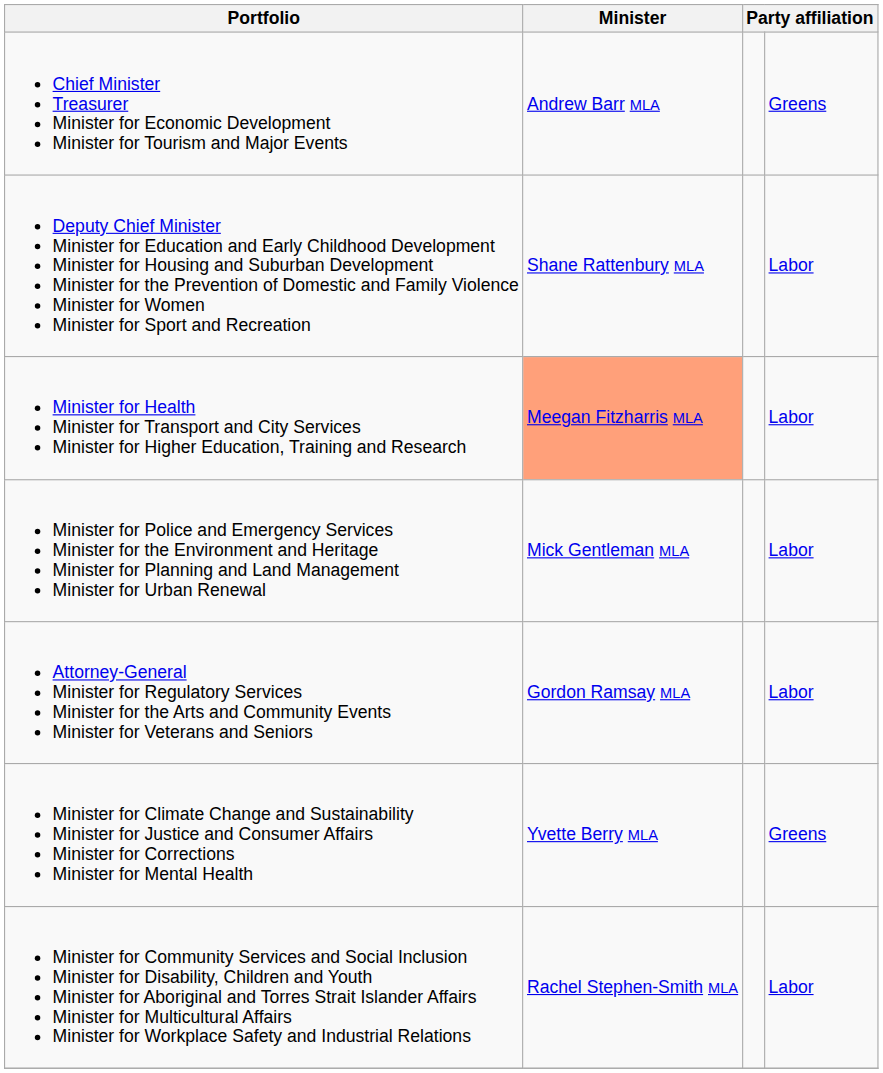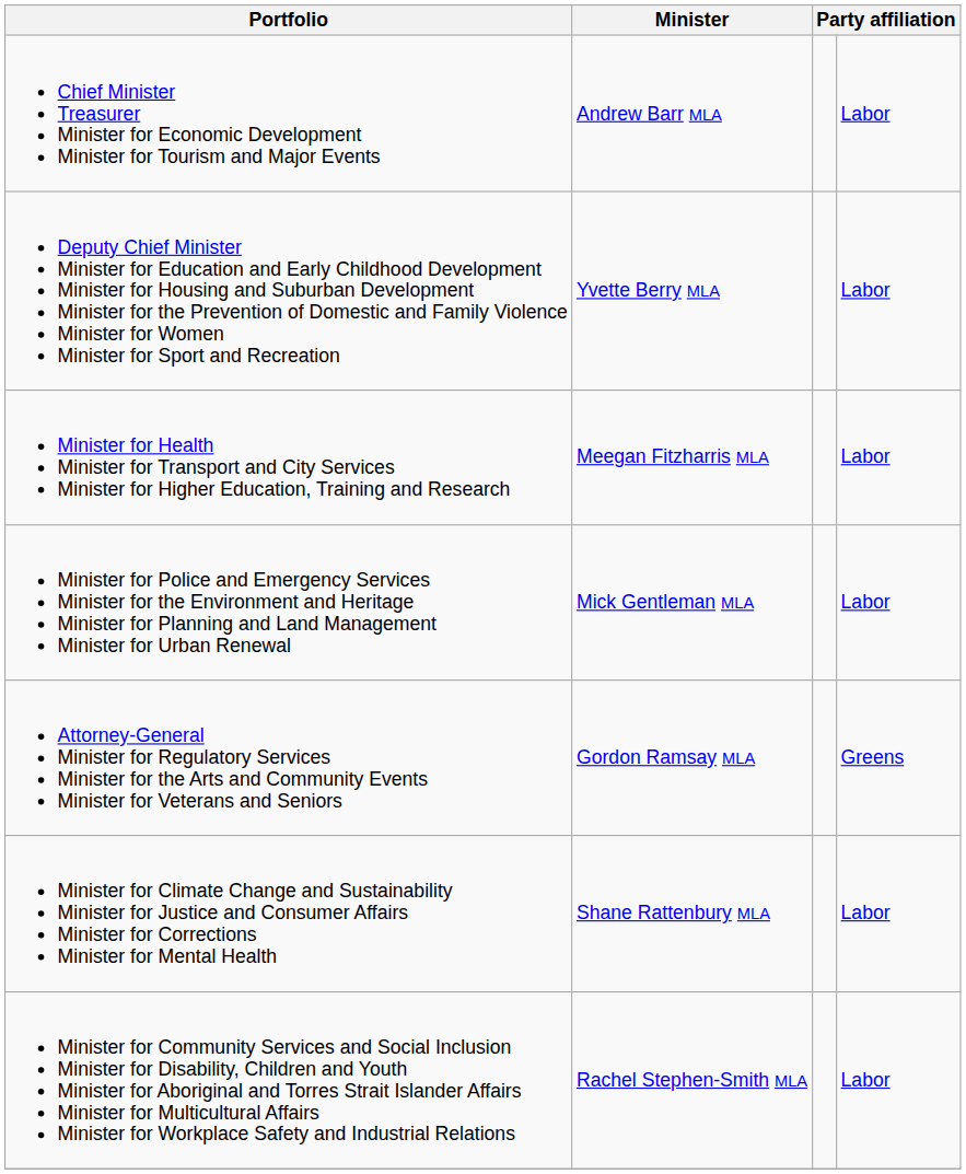 <table class="wikitable">
 <tr>
 <th>Portfolio</th>
 <th>Minister</th>
 <th colspan=2>Party affiliation</th>
 </tr>
 <tr>
 <td><br><ul><li><a href='#'>Chief Minister</a></li><li><a href='#'>Treasurer</a></li><li>Minister for Economic Development</li><li>Minister for Tourism and Major Events</li></ul></td>
 <td><a href='#'>Andrew Barr</a> <small><a href='#'>MLA</a></small></td>
 <td> </td>
-<td><a href='#'>Greens</a></td>
+<td><a href='#'>Labor</a></td>
 </tr>
 <tr>
 <td><br><ul><li><a href='#'>Deputy Chief Minister</a></li><li>Minister for Education and Early Childhood Development</li><li>Minister for Housing and Suburban Development</li><li>Minister for the Prevention of Domestic and Family Violence</li><li>Minister for Women</li><li>Minister for Sport and Recreation</li></ul></td>
-<td><a href='#'>Shane Rattenbury</a> <small><a href='#'>MLA</a></small></td>
+<td><a href='#'>Yvette Berry</a> <small><a href='#'>MLA</a></small></td>
 <td> </td>
 <td><a href='#'>Labor</a></td>
 </tr>
 <tr>
 <td><br><ul><li><a href='#'>Minister for Health</a></li><li>Minister for Transport and City Services</li><li>Minister for Higher Education, Training and Research</li></ul></td>
-<td style="background: lightsalmon;"><a href='#'>Meegan Fitzharris</a> <small><a href='#'>MLA</a></small></td>
+<td><a href='#'>Meegan Fitzharris</a> <small><a href='#'>MLA</a></small></td>
 <td> </td>
 <td><a href='#'>Labor</a></td>
 </tr>
 <tr>
 <td><br><ul><li>Minister for Police and Emergency Services</li><li>Minister for the Environment and Heritage</li><li>Minister for Planning and Land Management</li><li>Minister for Urban Renewal</li></ul></td>
 <td><a href='#'>Mick Gentleman</a> <small><a href='#'>MLA</a></small></td>
 <td> </td>
 <td><a href='#'>Labor</a></td>
 </tr>
 <tr>
 <td><br><ul><li><a href='#'>Attorney-General</a></li><li>Minister for Regulatory Services</li><li>Minister for the Arts and Community Events</li><li>Minister for Veterans and Seniors</li></ul></td>
 <td><a href='#'>Gordon Ramsay</a> <small><a href='#'>MLA</a></small></td>
 <td> </td>
-<td><a href='#'>Labor</a></td>
+<td><a href='#'>Greens</a></td>
 </tr>
 <tr>
 <td><br><ul><li>Minister for Climate Change and Sustainability</li><li>Minister for Justice and Consumer Affairs</li><li>Minister for Corrections</li><li>Minister for Mental Health</li></ul></td>
-<td><a href='#'>Yvette Berry</a> <small><a href='#'>MLA</a></small></td>
+<td><a href='#'>Shane Rattenbury</a> <small><a href='#'>MLA</a></small></td>
 <td> </td>
-<td><a href='#'>Greens</a></td>
+<td><a href='#'>Labor</a></td>
 </tr>
 <tr>
 <td><br><ul><li>Minister for Community Services and Social Inclusion</li><li>Minister for Disability, Children and Youth</li><li>Minister for Aboriginal and Torres Strait Islander Affairs</li><li>Minister for Multicultural Affairs</li><li>Minister for Workplace Safety and Industrial Relations</li></ul></td>
 <td><a href='#'>Rachel Stephen-Smith</a> <small><a href='#'>MLA</a></small></td>
 <td> </td>
 <td><a href='#'>Labor</a></td>
 </tr>
 <tr>
 </tr>
 </table>
